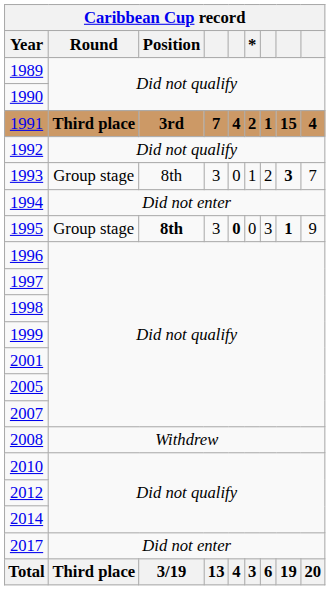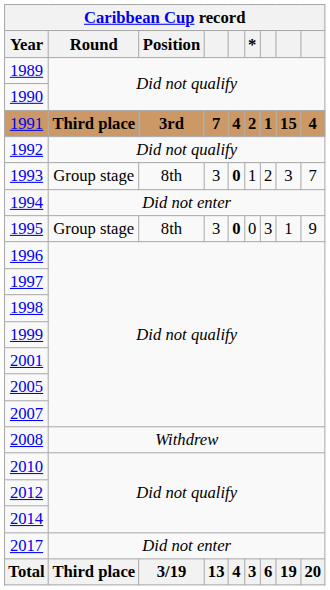 <table class="wikitable" style="text-align: center;">
 <tr>
 <th colspan=9><a href='#'>Caribbean Cup</a> record</th>
 </tr>
 <tr>
 <th>Year</th>
 <th>Round</th>
 <th>Position</th>
 <th></th>
 <th></th>
 <th>*</th>
 <th></th>
 <th></th>
 <th></th>
 </tr>
 <tr>
 <td> <a href='#'>1989</a></td>
 <td colspan=8 rowspan=2><em>Did not qualify</em></td>
 </tr>
 <tr>
 <td> <a href='#'>1990</a></td>
 </tr>
 <tr style="background:#c96;">
 <td> <a href='#'>1991</a></td>
 <td><strong>Third place</strong></td>
 <td><strong>3rd</strong></td>
 <td><strong>7</strong></td>
 <td><strong>4</strong></td>
 <td><strong>2</strong></td>
 <td><strong>1</strong></td>
 <td><strong>15</strong></td>
 <td><strong>4</strong></td>
 </tr>
 <tr>
 <td> <a href='#'>1992</a></td>
 <td colspan=8><em>Did not qualify</em></td>
 </tr>
 <tr>
 <td> <a href='#'>1993</a></td>
 <td>Group stage</td>
 <td>8th</td>
 <td>3</td>
-<td>0</td>
+<td><strong>0</strong></td>
 <td>1</td>
 <td>2</td>
-<td><strong>3</strong></td>
+<td>3</td>
 <td>7</td>
 </tr>
 <tr>
 <td> <a href='#'>1994</a></td>
 <td colspan=8><em>Did not enter</em></td>
 </tr>
 <tr>
 <td>  <a href='#'>1995</a></td>
 <td>Group stage</td>
-<td><strong>8th</strong></td>
+<td>8th</td>
 <td>3</td>
 <td><strong>0</strong></td>
 <td>0</td>
 <td>3</td>
-<td><strong>1</strong></td>
+<td>1</td>
 <td>9</td>
 </tr>
 <tr>
 <td> <a href='#'>1996</a></td>
 <td colspan=8 rowspan=7><em>Did not qualify</em></td>
 </tr>
 <tr>
 <td>  <a href='#'>1997</a></td>
 </tr>
 <tr>
 <td>  <a href='#'>1998</a></td>
 </tr>
 <tr>
 <td> <a href='#'>1999</a></td>
 </tr>
 <tr>
 <td> <a href='#'>2001</a></td>
 </tr>
 <tr>
 <td> <a href='#'>2005</a></td>
 </tr>
 <tr>
 <td> <a href='#'>2007</a></td>
 </tr>
 <tr>
 <td> <a href='#'>2008</a></td>
 <td colspan=8><em>Withdrew</em></td>
 </tr>
 <tr>
 <td> <a href='#'>2010</a></td>
 <td colspan=9 rowspan=3><em>Did not qualify</em></td>
 </tr>
 <tr>
 <td> <a href='#'>2012</a></td>
 </tr>
 <tr>
 <td> <a href='#'>2014</a></td>
 </tr>
 <tr>
 <td> <a href='#'>2017</a></td>
 <td colspan=9><em>Did not enter</em></td>
 </tr>
 <tr>
 <th>Total</th>
 <th>Third place</th>
 <th>3/19</th>
 <th>13</th>
 <th>4</th>
 <th>3</th>
 <th>6</th>
 <th>19</th>
 <th>20</th>
 </tr>
 </table>
